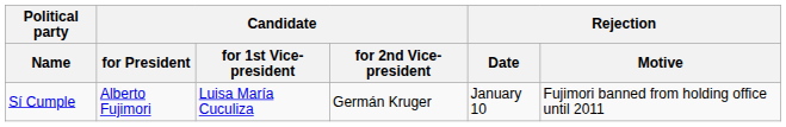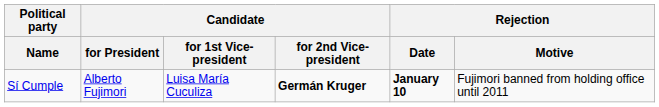 <table class="wikitable">
 <tr style="background-color:#DDDDDD;">
 <th colspan=1>Political party</th>
 <th colspan=3>Candidate</th>
 <th colspan=2>Rejection</th>
 </tr>
 <tr style="background-color:#EEEEEE;">
 <th>Name</th>
 <th>for President</th>
 <th>for 1st Vice-president</th>
 <th>for 2nd Vice-president</th>
 <th>Date</th>
 <th>Motive</th>
 </tr>
 <tr>
 <td><a href='#'>Sí Cumple</a></td>
 <td><a href='#'>Alberto Fujimori</a></td>
 <td><a href='#'>Luisa María Cuculiza</a></td>
-<td>Germán Kruger</td>
-<td>January 10</td>
+<td><strong>Germán Kruger</strong></td>
+<td><strong>January 10</strong></td>
 <td>Fujimori banned from holding office until 2011</td>
 </tr>
 </table>
